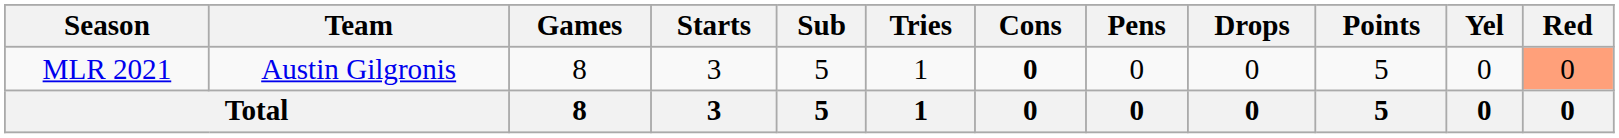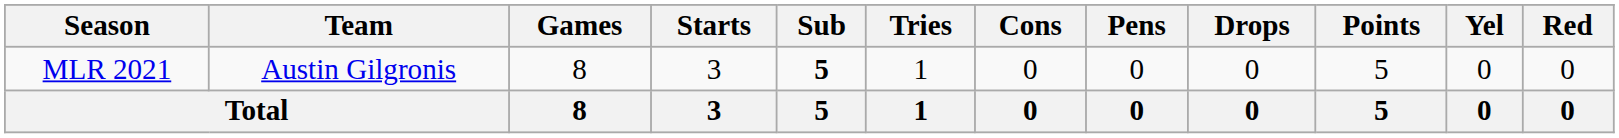 <table class="wikitable" style="text-align:center; line-height:100%; font-size:100%; width:70%;">
 <tr>
 <th>Season</th>
 <th>Team</th>
 <th>Games</th>
 <th>Starts</th>
 <th>Sub</th>
 <th>Tries</th>
 <th>Cons</th>
 <th>Pens</th>
 <th>Drops</th>
 <th>Points</th>
 <th>Yel</th>
 <th>Red</th>
 </tr>
 <tr>
 <td><a href='#'>MLR 2021</a></td>
 <td><a href='#'>Austin Gilgronis</a></td>
 <td>8</td>
 <td>3</td>
-<td>5</td>
+<td><strong>5</strong></td>
 <td>1</td>
-<td><strong>0</strong></td>
+<td>0</td>
 <td>0</td>
 <td>0</td>
 <td>5</td>
 <td>0</td>
-<td style="background: lightsalmon;">0</td>
+<td>0</td>
 </tr>
 <tr>
 <th colspan="2">Total</th>
 <th>8</th>
 <th>3</th>
 <th>5</th>
 <th>1</th>
 <th>0</th>
 <th>0</th>
 <th>0</th>
 <th>5</th>
 <th>0</th>
 <th>0</th>
 </tr>
 </table>
